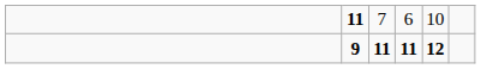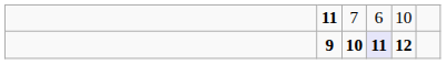 <table class="wikitable">
 <tr>
 <td style="width:18em"></td>
 <td align=center style="width:1em"><strong>11</strong></td>
 <td align=center style="width:1em">7</td>
 <td align=center style="width:1em">6</td>
 <td align=center style="width:1em">10</td>
 <td align=center style="width:1em"></td>
 </tr>
 <tr>
 <td style="width:18em"></td>
 <td align=center style="width:1em"><strong>9</strong></td>
-<td align=center style="width:1em"><strong>11</strong></td>
-<td align=center style="width:1em"><strong>11</strong></td>
+<td align=center style="width:1em"><strong>10</strong></td>
+<td align=center style="background: lavender; width:1em"><strong>11</strong></td>
 <td align=center style="width:1em"><strong>12</strong></td>
 <td align=center style="width:1em"></td>
 </tr>
 </table>
